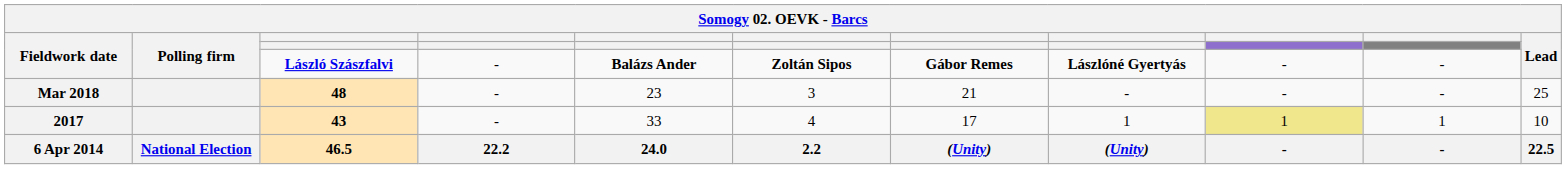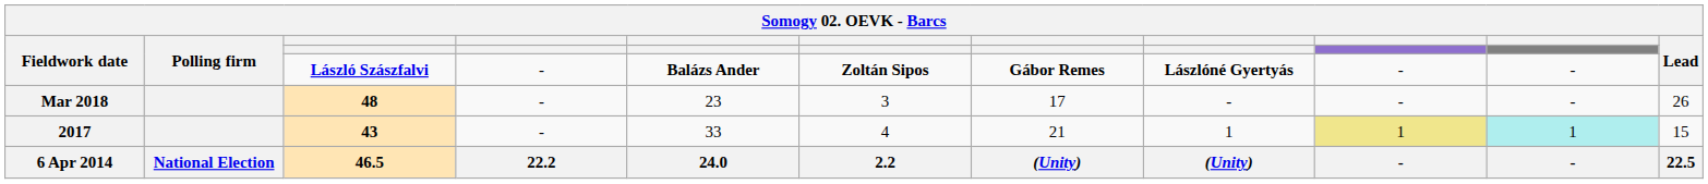 <table class="wikitable mw-collapsible mw-collapsed" style="text-align:center">
 <tr>
 <th colspan="11" style="width: 980pt;"><small><a href='#'>Somogy</a> 02. OEVK - <a href='#'>Barcs</a></small></th>
 </tr>
 <tr>
 <th rowspan="3" style="width: 80pt;"><small>Fieldwork</small> <small>date</small></th>
 <th rowspan="3" style="width: 80pt;"><strong><small>Polling</small> <small>firm</small></strong></th>
 <th style="width: 100pt;"><small></small></th>
 <th style="width: 100pt;"><small> </small></th>
 <th style="width: 100pt;"></th>
 <th style="width: 100pt;"></th>
 <th style="width: 100pt;"></th>
 <th style="width: 100pt;"></th>
 <th style="width: 100pt;"></th>
 <th style="width: 100pt;"></th>
 <th rowspan="3" style="width: 20pt;"><small>Lead</small></th>
 </tr>
 <tr>
 <th style="color:inherit;background:"></th>
 <th style="color:inherit;background:"></th>
 <th style="color:inherit;background:"></th>
 <th style="color:inherit;background:"></th>
 <th style="color:inherit;background:"></th>
 <th style="color:inherit;background:"></th>
 <th style="color:inherit;background:#8E6FCE;"></th>
 <th style="color:inherit;background:#808080;"></th>
 </tr>
 <tr>
 <td><a href='#'><strong><small>László Szászfalvi</small></strong></a></td>
 <td><small>-</small></td>
 <td><strong><small>Balázs Ander</small></strong></td>
 <td><strong><small>Zoltán Sipos</small></strong></td>
 <td><strong><small>Gábor Remes</small></strong></td>
 <td><strong><small>Lászlóné Gyertyás</small></strong></td>
 <td><small>-</small></td>
 <td><small>-</small></td>
 </tr>
 <tr>
 <th><small>Mar 2018</small></th>
 <th><small></small></th>
 <td style="background:#FFE5B4"><strong><small>48</small></strong></td>
 <td><small>-</small></td>
 <td><small>23</small></td>
 <td><small>3</small></td>
-<td><small>21</small></td>
+<td><small>17</small></td>
 <td><small>-</small></td>
 <td><small>-</small></td>
 <td><small>-</small></td>
-<td style="background:"><small>25</small></td>
+<td style="background:"><small>26</small></td>
 </tr>
 <tr>
 <th><small>2017</small></th>
 <th><small></small></th>
 <td style="background:#FFE5B4"><strong><small>43</small></strong></td>
 <td><small>-</small></td>
 <td><small>33</small></td>
 <td><small>4</small></td>
-<td><small>17</small></td>
+<td><small>21</small></td>
 <td><small>1</small></td>
 <td style="background: khaki;"><small>1</small></td>
-<td><small>1</small></td>
-<td style="background:"><small>10</small></td>
+<td style="background: paleturquoise;"><small>1</small></td>
+<td style="background:"><small>15</small></td>
 </tr>
 <tr>
 <th><small>6 Apr 2014</small></th>
 <th><a href='#'><small>National Election</small></a></th>
 <th style="background:#FFE5B4"><strong><small>46.5</small></strong></th>
 <th><small>22.2</small></th>
 <th><small>24.0</small></th>
 <th><small>2.2</small></th>
 <th><small><em>(<a href='#'>Unity</a>)</em></small></th>
 <th><small><em>(<a href='#'>Unity</a>)</em></small></th>
 <th><small>-</small></th>
 <th><small>-</small></th>
 <th style="background:"><small>22.5</small></th>
 </tr>
 </table>
